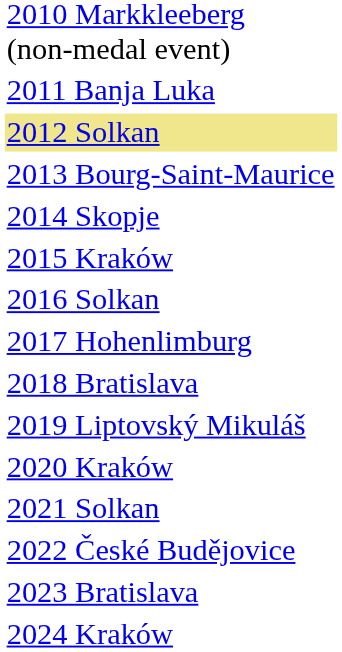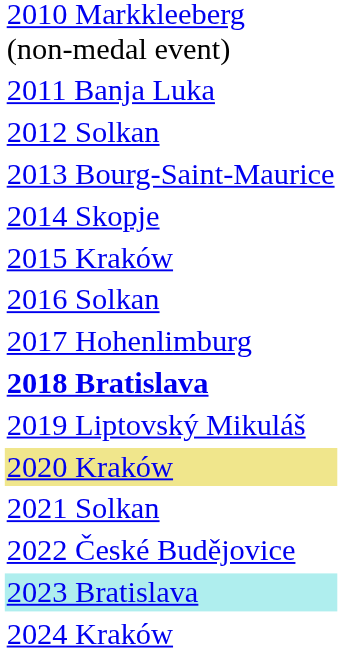 <table>
 <tr>
 <td><a href='#'>2010 Markkleeberg</a><br>(non-medal event)</td>
 <td></td>
 <td></td>
 <td></td>
 </tr>
 <tr>
 <td><a href='#'>2011 Banja Luka</a></td>
 <td></td>
 <td></td>
 <td></td>
 </tr>
 <tr>
-<td style="background: khaki;"><a href='#'>2012 Solkan</a></td>
+<td><a href='#'>2012 Solkan</a></td>
 <td></td>
 <td></td>
 <td></td>
 </tr>
 <tr>
 <td><a href='#'>2013 Bourg-Saint-Maurice</a></td>
 <td></td>
 <td></td>
 <td></td>
 </tr>
 <tr>
 <td><a href='#'>2014 Skopje</a></td>
 <td></td>
 <td></td>
 <td></td>
 </tr>
 <tr>
 <td><a href='#'>2015 Kraków</a></td>
 <td></td>
 <td></td>
 <td></td>
 </tr>
 <tr>
 <td><a href='#'>2016 Solkan</a></td>
 <td></td>
 <td></td>
 <td></td>
 </tr>
 <tr>
 <td><a href='#'>2017 Hohenlimburg</a></td>
 <td></td>
 <td></td>
 <td></td>
 </tr>
 <tr>
-<td><a href='#'>2018 Bratislava</a></td>
+<td><strong><a href='#'>2018 Bratislava</a></strong></td>
 <td></td>
 <td></td>
 <td></td>
 </tr>
 <tr>
 <td><a href='#'>2019 Liptovský Mikuláš</a></td>
 <td></td>
 <td></td>
 <td></td>
 </tr>
 <tr>
-<td><a href='#'>2020 Kraków</a></td>
+<td style="background: khaki;"><a href='#'>2020 Kraków</a></td>
 <td></td>
 <td></td>
 <td></td>
 </tr>
 <tr>
 <td><a href='#'>2021 Solkan</a></td>
 <td></td>
 <td></td>
 <td></td>
 </tr>
 <tr>
 <td><a href='#'>2022 České Budějovice</a></td>
 <td></td>
 <td></td>
 <td></td>
 </tr>
 <tr>
-<td><a href='#'>2023 Bratislava</a></td>
+<td style="background: paleturquoise;"><a href='#'>2023 Bratislava</a></td>
 <td></td>
 <td></td>
 <td></td>
 </tr>
 <tr>
 <td><a href='#'>2024 Kraków</a></td>
 <td></td>
 <td></td>
 <td></td>
 </tr>
 </table>
